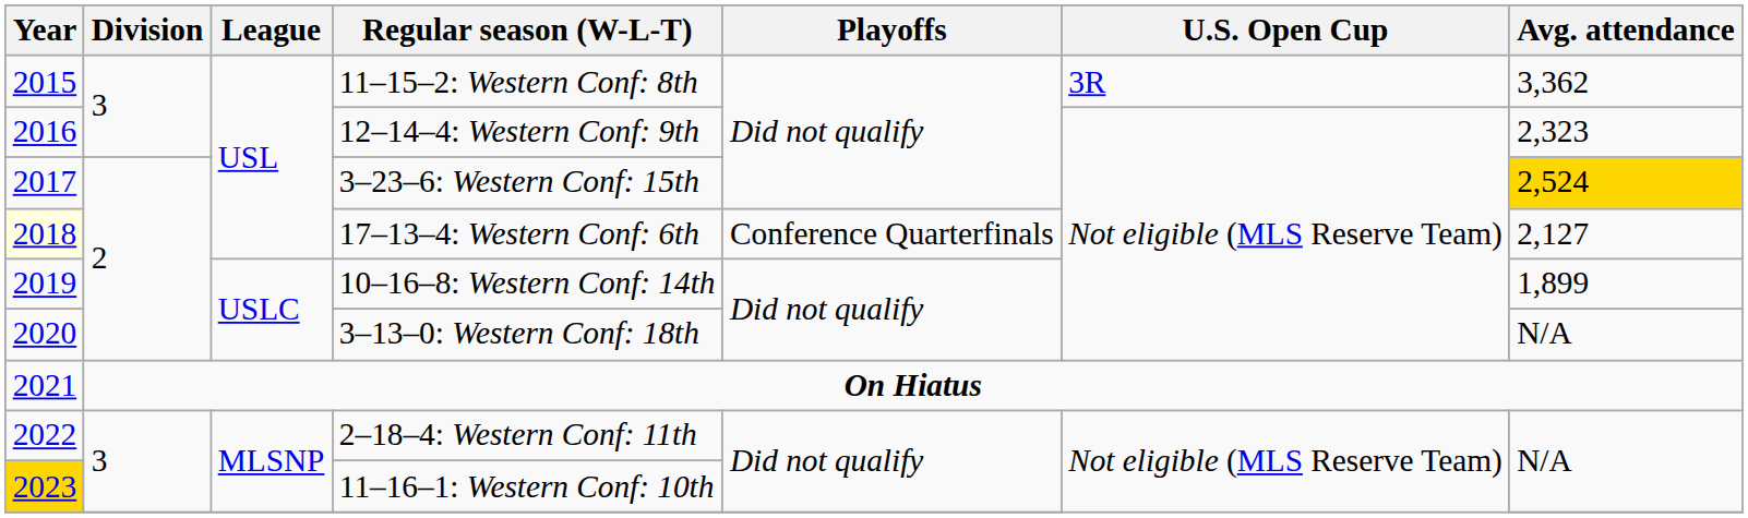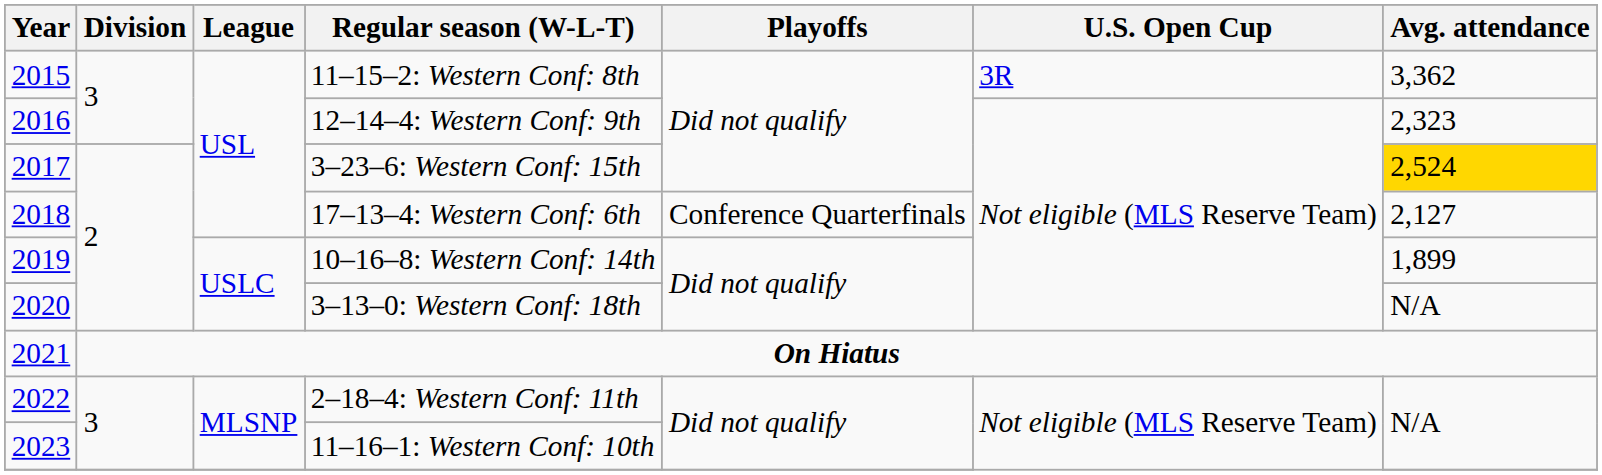 <table class="wikitable">
 <tr>
 <th>Year</th>
 <th>Division</th>
 <th>League</th>
 <th>Regular season (W-L-T)</th>
 <th>Playoffs</th>
 <th>U.S. Open Cup</th>
 <th>Avg. attendance</th>
 </tr>
 <tr>
 <td><a href='#'>2015</a></td>
 <td rowspan="2">3</td>
 <td rowspan="4"><a href='#'>USL</a></td>
 <td>11–15–2: <em>Western Conf: 8th</em></td>
 <td rowspan="3"><em>Did not qualify</em></td>
 <td><a href='#'>3R</a></td>
 <td>3,362</td>
 </tr>
 <tr>
 <td><a href='#'>2016</a></td>
 <td>12–14–4: <em>Western Conf: 9th</em></td>
 <td rowspan="5"><em>Not eligible</em> (<a href='#'>MLS</a> Reserve Team)</td>
 <td>2,323</td>
 </tr>
 <tr>
 <td><a href='#'>2017</a></td>
 <td rowspan="4">2</td>
 <td>3–23–6: <em>Western Conf: 15th</em></td>
 <td style="background: gold;">2,524</td>
 </tr>
 <tr>
-<td style="background: lightyellow;"><a href='#'>2018</a></td>
+<td><a href='#'>2018</a></td>
 <td>17–13–4: <em>Western Conf: 6th</em></td>
 <td>Conference Quarterfinals</td>
 <td>2,127</td>
 </tr>
 <tr>
 <td><a href='#'>2019</a></td>
 <td rowspan="2"><a href='#'>USLC</a></td>
 <td>10–16–8: <em>Western Conf: 14th</em></td>
 <td rowspan="2"><em>Did not qualify</em></td>
 <td>1,899</td>
 </tr>
 <tr>
 <td><a href='#'>2020</a></td>
 <td>3–13–0: <em>Western Conf: 18th</em></td>
 <td>N/A</td>
 </tr>
 <tr>
 <td><a href='#'>2021</a></td>
 <td colspan=6 align=center><strong><em>On Hiatus</em></strong></td>
 </tr>
 <tr>
 <td><a href='#'>2022</a></td>
 <td rowspan="2">3</td>
 <td rowspan="2"><a href='#'>MLSNP</a></td>
 <td>2–18–4: <em>Western Conf: 11th</em></td>
 <td rowspan="2"><em>Did not qualify</em></td>
 <td rowspan="4"><em>Not eligible</em> (<a href='#'>MLS</a> Reserve Team)</td>
 <td rowspan="2">N/A</td>
 </tr>
 <tr>
-<td style="background: gold;"><a href='#'>2023</a></td>
+<td><a href='#'>2023</a></td>
 <td>11–16–1: <em>Western Conf: 10th</em></td>
 </tr>
 <tr>
 </tr>
 </table>
